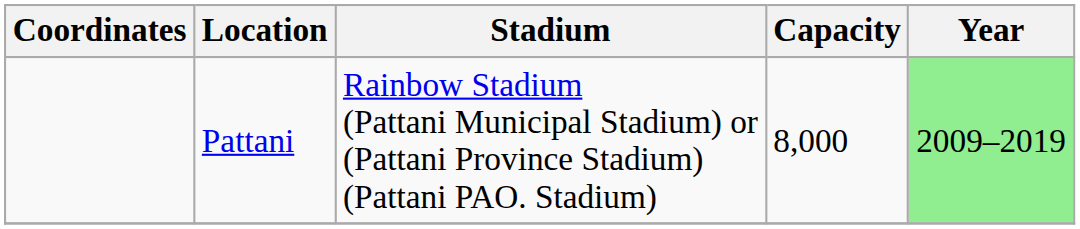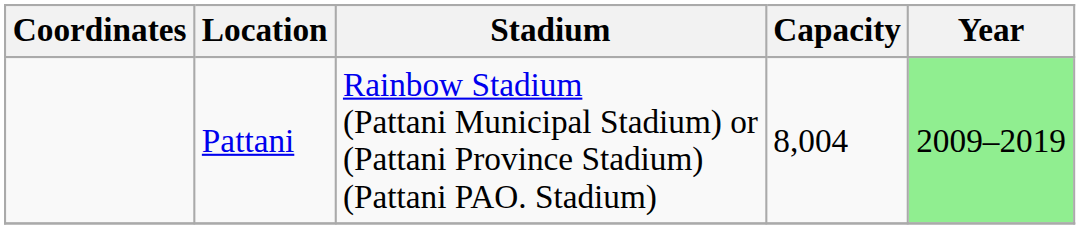 <table class="wikitable sortable">
 <tr>
 <th>Coordinates</th>
 <th>Location</th>
 <th>Stadium</th>
 <th>Capacity</th>
 <th>Year</th>
 </tr>
 <tr>
 <td></td>
 <td><a href='#'>Pattani</a></td>
 <td><a href='#'>Rainbow Stadium</a><br>(Pattani Municipal Stadium) or <br> (Pattani Province Stadium)<br> (Pattani PAO. Stadium)<br></td>
-<td>8,000</td>
+<td>8,004</td>
 <td style="background: lightgreen;">2009–2019</td>
 </tr>
 <tr>
 </tr>
 </table>
